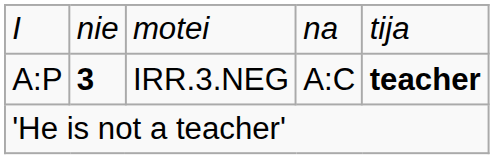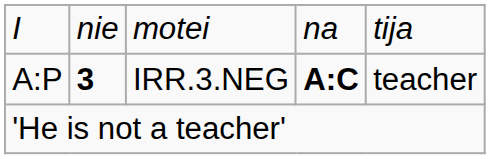 <table class="wikitable">
 <tr>
 <td><em>I</em></td>
 <td><em>nie</em></td>
 <td><em>motei</em></td>
 <td><em>na</em></td>
 <td><em>tija</em></td>
 </tr>
 <tr>
 <td>A:P</td>
 <td><strong>3</strong></td>
 <td>IRR.3.NEG</td>
-<td>A:C</td>
-<td><strong>teacher</strong></td>
+<td><strong>A:C</strong></td>
+<td>teacher</td>
 </tr>
 <tr>
 <td colspan="5">'He is not a teacher'</td>
 </tr>
 </table>
